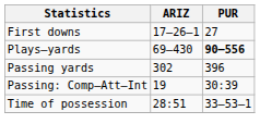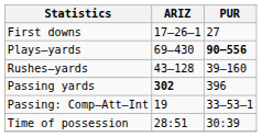 <table class="wikitable">
 <tr>
 <th>Statistics</th>
 <th>ARIZ</th>
 <th>PUR</th>
 </tr>
 <tr>
 <td>First downs</td>
 <td>17–26–1</td>
 <td>27</td>
 </tr>
 <tr>
 <td>Plays–yards</td>
 <td>69–430</td>
 <td><strong>90–556</strong></td>
 </tr>
 <tr>
+<td>Rushes–yards</td>
+<td>43–128</td>
+<td>39–160</td>
+</tr>
+<tr>
 <td>Passing yards</td>
-<td>302</td>
+<td><strong>302</strong></td>
 <td>396</td>
 </tr>
 <tr>
 <td>Passing: Comp–Att–Int</td>
 <td>19</td>
-<td>30:39</td>
+<td>33–53–1</td>
 </tr>
 <tr>
 <td>Time of possession</td>
 <td>28:51</td>
-<td>33–53–1</td>
+<td>30:39</td>
 </tr>
 <tr>
 </tr>
 </table>
